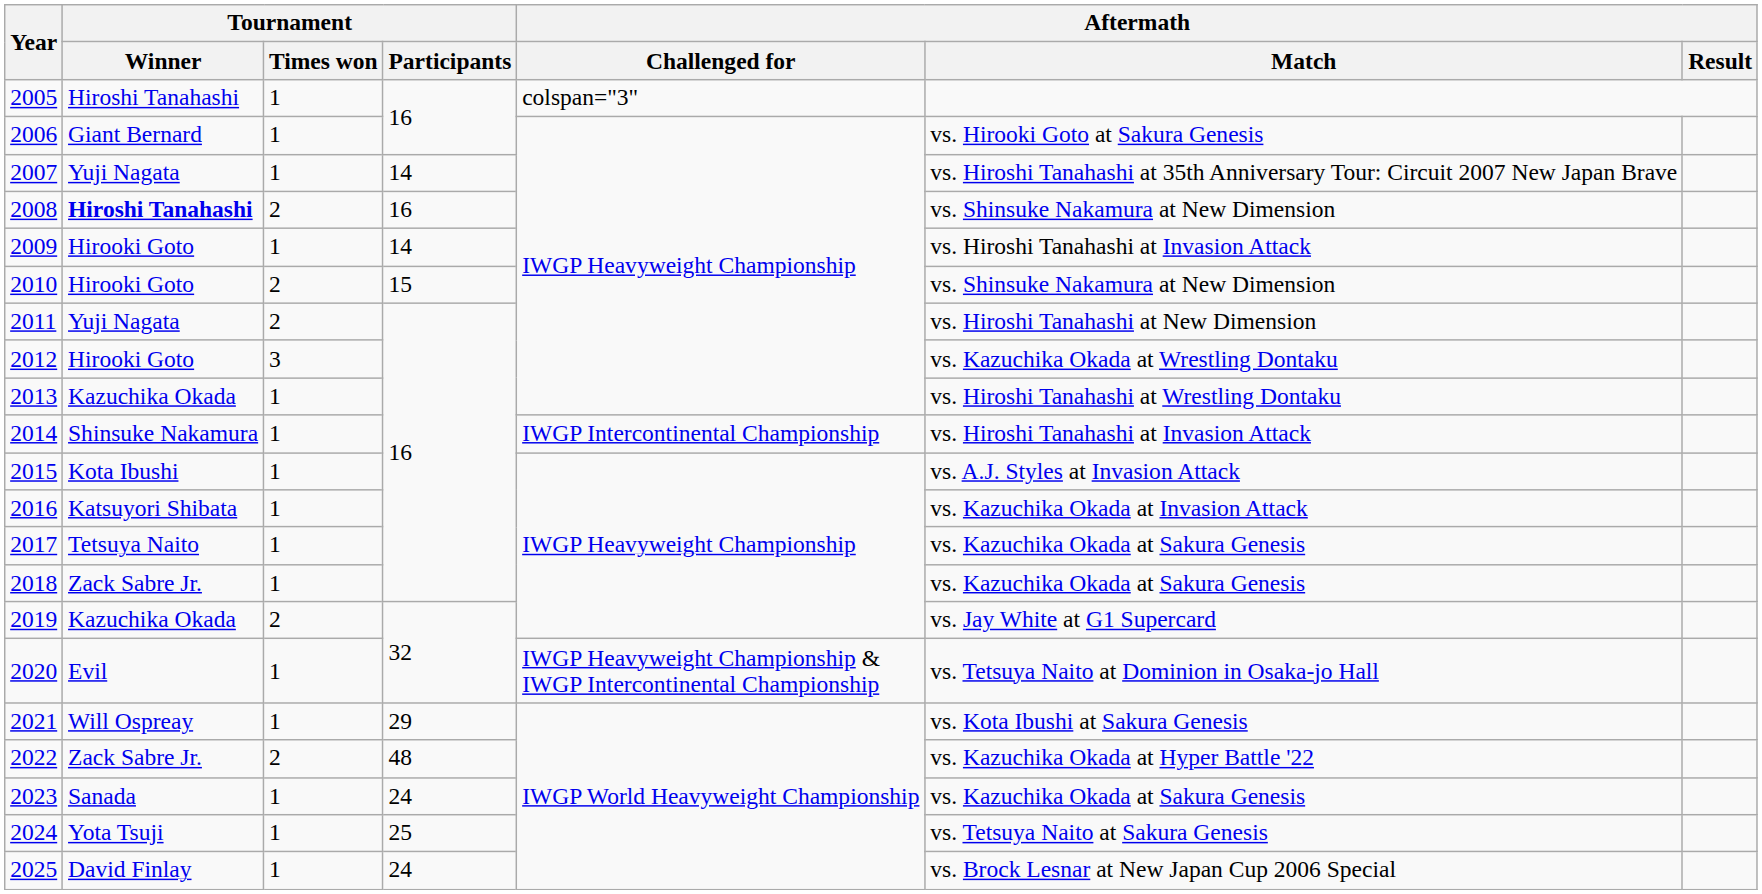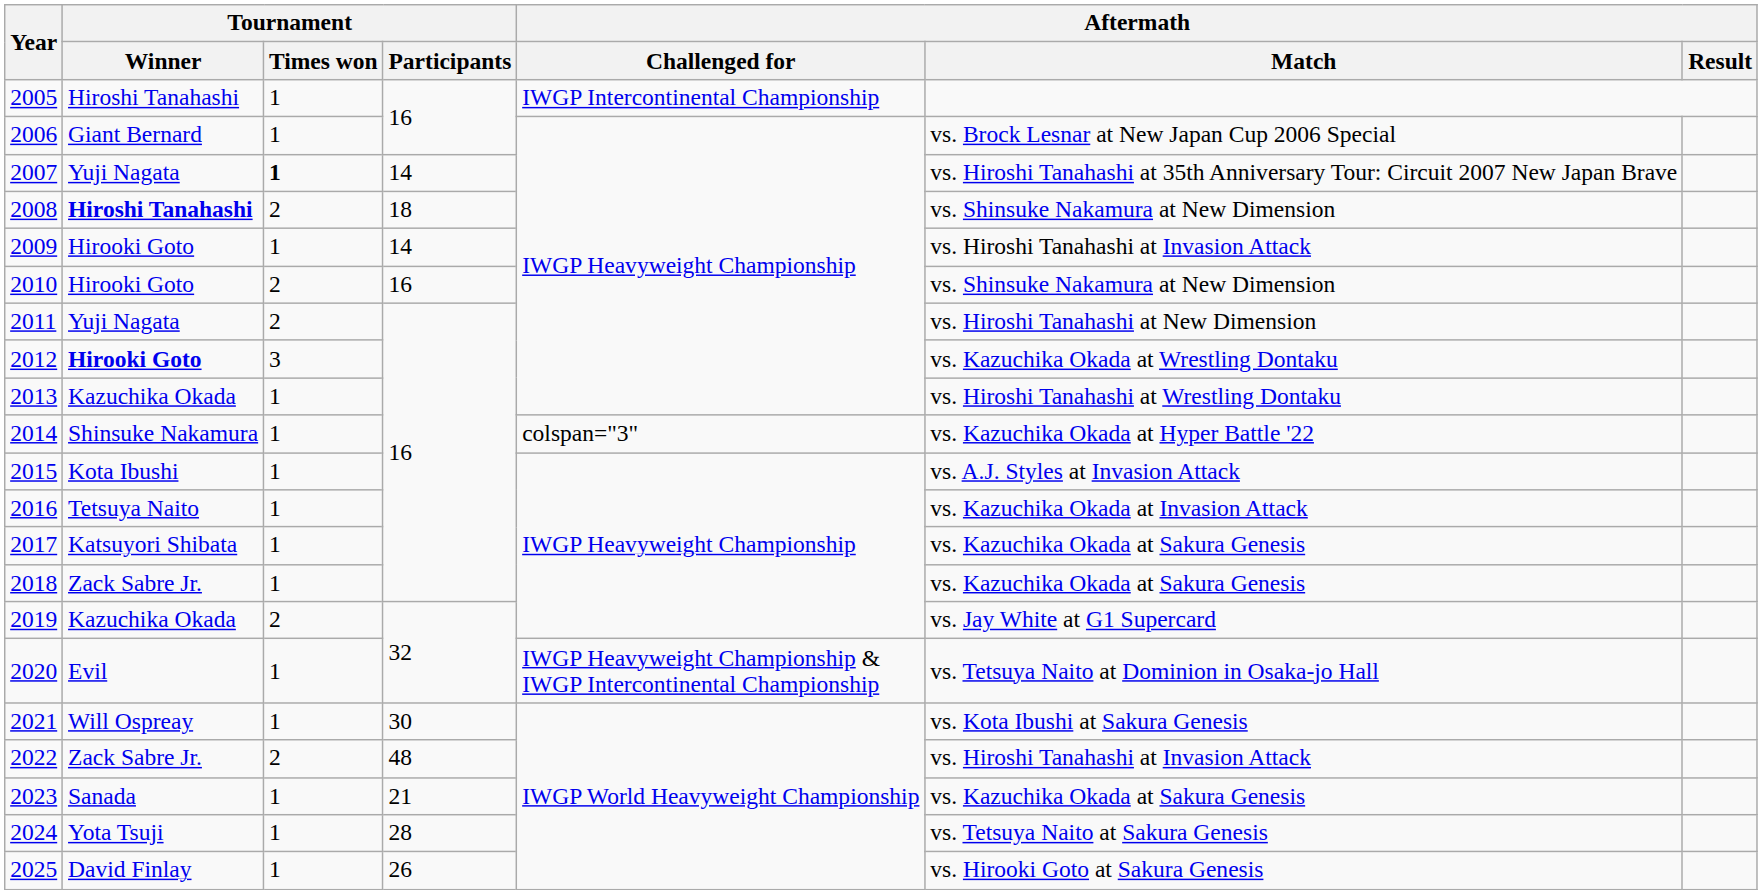 <table class="wikitable sortable">
 <tr>
 <th rowspan="2">Year</th>
 <th colspan="3">Tournament</th>
 <th colspan="3">Aftermath</th>
 </tr>
 <tr>
 <th>Winner</th>
 <th>Times won</th>
 <th>Participants</th>
 <th>Challenged for</th>
 <th>Match</th>
 <th>Result</th>
 </tr>
 <tr>
 <td><a href='#'>2005</a></td>
 <td><a href='#'>Hiroshi Tanahashi</a></td>
 <td>1</td>
 <td rowspan=2>16</td>
-<td>colspan="3" </td>
+<td><a href='#'>IWGP Intercontinental Championship</a></td>
 </tr>
 <tr>
 <td><a href='#'>2006</a></td>
 <td><a href='#'>Giant Bernard</a></td>
 <td>1</td>
 <td rowspan="8"><a href='#'>IWGP Heavyweight Championship</a></td>
-<td>vs. <a href='#'>Hirooki Goto</a> at <a href='#'>Sakura Genesis</a></td>
+<td>vs. <a href='#'>Brock Lesnar</a> at New Japan Cup 2006 Special</td>
 <td></td>
 </tr>
 <tr>
 <td><a href='#'>2007</a></td>
 <td><a href='#'>Yuji Nagata</a></td>
-<td>1</td>
+<td><strong>1</strong></td>
 <td>14</td>
 <td>vs. <a href='#'>Hiroshi Tanahashi</a> at 35th Anniversary Tour: Circuit 2007 New Japan Brave</td>
 <td></td>
 </tr>
 <tr>
 <td><a href='#'>2008</a></td>
 <td><strong><a href='#'>Hiroshi Tanahashi</a></strong></td>
 <td>2</td>
-<td>16</td>
+<td>18</td>
 <td>vs. <a href='#'>Shinsuke Nakamura</a> at New Dimension</td>
 <td></td>
 </tr>
 <tr>
 <td><a href='#'>2009</a></td>
 <td><a href='#'>Hirooki Goto</a></td>
 <td>1</td>
 <td>14</td>
 <td>vs. Hiroshi Tanahashi at <a href='#'>Invasion Attack</a></td>
 <td></td>
 </tr>
 <tr>
 <td><a href='#'>2010</a></td>
 <td><a href='#'>Hirooki Goto</a></td>
 <td>2</td>
-<td>15</td>
+<td>16</td>
 <td>vs. <a href='#'>Shinsuke Nakamura</a> at New Dimension</td>
 <td></td>
 </tr>
 <tr>
 <td><a href='#'>2011</a></td>
 <td><a href='#'>Yuji Nagata</a></td>
 <td>2</td>
 <td rowspan=8>16</td>
 <td>vs. <a href='#'>Hiroshi Tanahashi</a> at New Dimension</td>
 <td></td>
 </tr>
 <tr>
 <td><a href='#'>2012</a></td>
-<td><a href='#'>Hirooki Goto</a></td>
+<td><strong><a href='#'>Hirooki Goto</a></strong></td>
 <td>3</td>
 <td>vs. <a href='#'>Kazuchika Okada</a> at <a href='#'>Wrestling Dontaku</a></td>
 <td></td>
 </tr>
 <tr>
 <td><a href='#'>2013</a></td>
 <td><a href='#'>Kazuchika Okada</a></td>
 <td>1</td>
 <td>vs. <a href='#'>Hiroshi Tanahashi</a> at <a href='#'>Wrestling Dontaku</a></td>
 <td></td>
 </tr>
 <tr>
 <td><a href='#'>2014</a></td>
 <td><a href='#'>Shinsuke Nakamura</a></td>
 <td>1</td>
-<td><a href='#'>IWGP Intercontinental Championship</a></td>
-<td>vs. <a href='#'>Hiroshi Tanahashi</a> at <a href='#'>Invasion Attack</a></td>
+<td>colspan="3" </td>
+<td>vs. <a href='#'>Kazuchika Okada</a> at <a href='#'>Hyper Battle '22</a></td>
 <td></td>
 </tr>
 <tr>
 <td><a href='#'>2015</a></td>
 <td><a href='#'>Kota Ibushi</a></td>
 <td>1</td>
 <td rowspan="5"><a href='#'>IWGP Heavyweight Championship</a></td>
 <td>vs. <a href='#'>A.J. Styles</a> at <a href='#'>Invasion Attack</a></td>
 <td></td>
 </tr>
 <tr>
 <td><a href='#'>2016</a></td>
-<td><a href='#'>Katsuyori Shibata</a></td>
+<td><a href='#'>Tetsuya Naito</a></td>
 <td>1</td>
 <td>vs. <a href='#'>Kazuchika Okada</a> at <a href='#'>Invasion Attack</a></td>
 <td></td>
 </tr>
 <tr>
 <td><a href='#'>2017</a></td>
-<td><a href='#'>Tetsuya Naito</a></td>
+<td><a href='#'>Katsuyori Shibata</a></td>
 <td>1</td>
 <td>vs. <a href='#'>Kazuchika Okada</a> at <a href='#'>Sakura Genesis</a></td>
 <td></td>
 </tr>
 <tr>
 <td><a href='#'>2018</a></td>
 <td><a href='#'>Zack Sabre Jr.</a></td>
 <td>1</td>
 <td>vs. <a href='#'>Kazuchika Okada</a> at <a href='#'>Sakura Genesis</a></td>
 <td></td>
 </tr>
 <tr>
 <td><a href='#'>2019</a></td>
 <td><a href='#'>Kazuchika Okada</a></td>
 <td>2</td>
 <td rowspan=2>32</td>
 <td>vs. <a href='#'>Jay White</a> at <a href='#'>G1 Supercard</a></td>
 <td></td>
 </tr>
 <tr>
 <td><a href='#'>2020</a></td>
 <td><a href='#'>Evil</a></td>
 <td>1</td>
 <td><a href='#'>IWGP Heavyweight Championship</a> &<br><a href='#'>IWGP Intercontinental Championship</a></td>
 <td>vs. <a href='#'>Tetsuya Naito</a> at <a href='#'>Dominion in Osaka-jo Hall</a></td>
 <td></td>
 </tr>
 <tr>
 <td><a href='#'>2021</a></td>
 <td><a href='#'>Will Ospreay</a></td>
 <td>1</td>
-<td>29</td>
+<td>30</td>
 <td rowspan=5><a href='#'>IWGP World Heavyweight Championship</a></td>
 <td>vs. <a href='#'>Kota Ibushi</a> at <a href='#'>Sakura Genesis</a></td>
 <td></td>
 </tr>
 <tr>
 <td><a href='#'>2022</a></td>
 <td><a href='#'>Zack Sabre Jr.</a></td>
 <td>2</td>
 <td>48</td>
-<td>vs. <a href='#'>Kazuchika Okada</a> at <a href='#'>Hyper Battle '22</a></td>
+<td>vs. <a href='#'>Hiroshi Tanahashi</a> at <a href='#'>Invasion Attack</a></td>
 <td></td>
 </tr>
 <tr>
 <td><a href='#'>2023</a></td>
 <td><a href='#'>Sanada</a></td>
 <td>1</td>
-<td>24</td>
+<td>21</td>
 <td>vs. <a href='#'>Kazuchika Okada</a> at <a href='#'>Sakura Genesis</a></td>
 <td></td>
 </tr>
 <tr>
 <td><a href='#'>2024</a></td>
 <td><a href='#'>Yota Tsuji</a></td>
 <td>1</td>
-<td>25</td>
+<td>28</td>
 <td>vs. <a href='#'>Tetsuya Naito</a> at <a href='#'>Sakura Genesis</a></td>
 <td></td>
 </tr>
 <tr>
 <td><a href='#'>2025</a></td>
 <td><a href='#'>David Finlay</a></td>
 <td>1</td>
-<td>24</td>
-<td>vs. <a href='#'>Brock Lesnar</a> at New Japan Cup 2006 Special</td>
+<td>26</td>
+<td>vs. <a href='#'>Hirooki Goto</a> at <a href='#'>Sakura Genesis</a></td>
 <td></td>
 </tr>
 </table>
